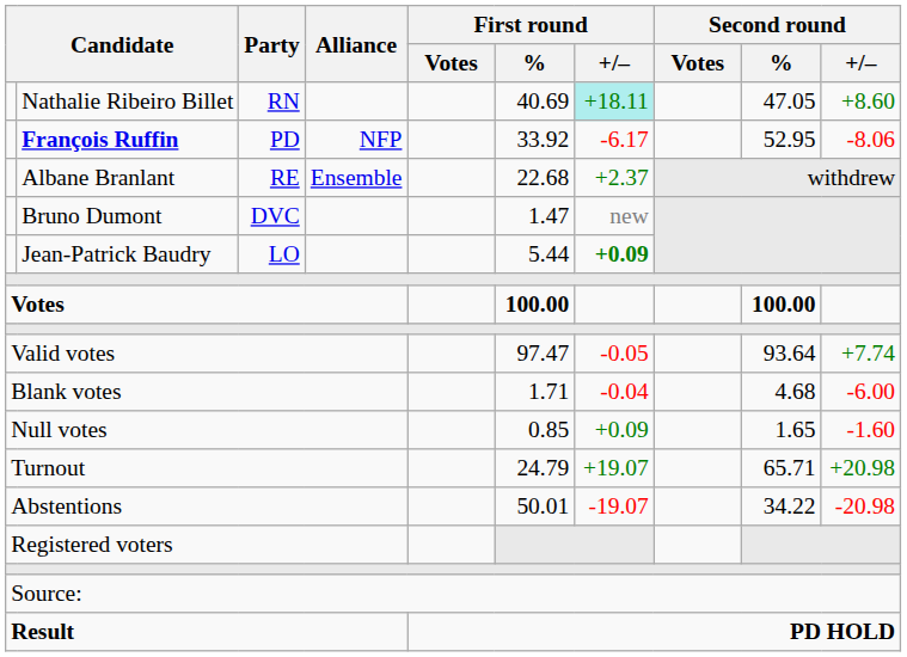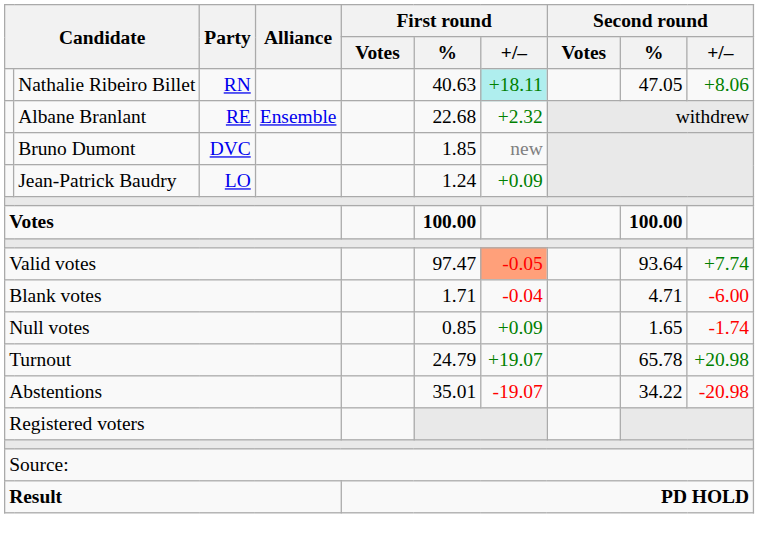 <table class="wikitable" style="text-align:right;font-size:95%;">
 <tr>
 <th rowspan="2" colspan="2">Candidate</th>
 <th colspan="1" rowspan="2">Party</th>
 <th colspan="1" rowspan="2">Alliance</th>
 <th colspan="3">First round</th>
 <th colspan="3">Second round</th>
 </tr>
 <tr>
 <th style="width:50px;">Votes</th>
 <th style="width:45px;">%</th>
 <th style="width:45px;">+/–</th>
 <th style="width:50px;">Votes</th>
 <th style="width:45px;">%</th>
 <th style="width:45px;">+/–</th>
 </tr>
 <tr>
 <td style="background:"></td>
 <td style="text-align:left;">Nathalie Ribeiro Billet</td>
 <td><a href='#'>RN</a></td>
 <td></td>
 <td></td>
-<td>40.69</td>
+<td>40.63</td>
 <td style="background: paleturquoise; color:green;">+18.11</td>
 <td></td>
 <td>47.05</td>
-<td style="color:green;">+8.60</td>
-</tr>
-<tr>
-<td style="background:"></td>
-<td style="text-align:left;"><strong><a href='#'>François Ruffin</a></strong></td>
-<td><a href='#'>PD</a></td>
-<td><a href='#'>NFP</a></td>
-<td></td>
-<td>33.92</td>
-<td style="color:red;">-6.17</td>
-<td></td>
-<td>52.95</td>
-<td style="color:red;">-8.06</td>
+<td style="color:green;">+8.06</td>
 </tr>
 <tr>
 <td style="background:"></td>
 <td style="text-align:left;">Albane Branlant</td>
 <td><a href='#'>RE</a></td>
 <td><a href='#'>Ensemble</a></td>
 <td></td>
 <td>22.68</td>
-<td style="color:green;">+2.37</td>
+<td style="color:green;">+2.32</td>
 <td colspan="3" style="background:#E9E9E9;">withdrew</td>
 </tr>
 <tr>
 <td style="background:"></td>
 <td style="text-align:left;">Bruno Dumont</td>
 <td><a href='#'>DVC</a></td>
 <td></td>
 <td></td>
-<td>1.47</td>
+<td>1.85</td>
 <td style="color:grey;">new</td>
 <td colspan="3" rowspan="2" style="background:#E9E9E9;"></td>
 </tr>
 <tr>
 <td style="background:"></td>
 <td style="text-align:left;">Jean-Patrick Baudry</td>
 <td><a href='#'>LO</a></td>
 <td></td>
 <td></td>
-<td>5.44</td>
-<td style="color:green;"><strong>+0.09</strong></td>
+<td>1.24</td>
+<td style="color:green;">+0.09</td>
 </tr>
 <tr>
 <td colspan="10" style="background:#E9E9E9;"></td>
 </tr>
 <tr style="font-weight:bold;">
 <td colspan="4" style="text-align:left;">Votes</td>
 <td></td>
 <td>100.00</td>
 <td></td>
 <td></td>
 <td>100.00</td>
 <td></td>
 </tr>
 <tr>
 <td colspan="10" style="background:#E9E9E9;"></td>
 </tr>
 <tr>
 <td colspan="4" style="text-align:left;">Valid votes</td>
 <td></td>
 <td>97.47</td>
-<td style="color:red;">-0.05</td>
+<td style="background: lightsalmon; color:red;">-0.05</td>
 <td></td>
 <td>93.64</td>
 <td style="color:green;">+7.74</td>
 </tr>
 <tr>
 <td colspan="4" style="text-align:left;">Blank votes</td>
 <td></td>
 <td>1.71</td>
 <td style="color:red;">-0.04</td>
 <td></td>
-<td>4.68</td>
+<td>4.71</td>
 <td style="color:red;">-6.00</td>
 </tr>
 <tr>
 <td colspan="4" style="text-align:left;">Null votes</td>
 <td></td>
 <td>0.85</td>
 <td style="color:green;">+0.09</td>
 <td></td>
 <td>1.65</td>
-<td style="color:red;">-1.60</td>
+<td style="color:red;">-1.74</td>
 </tr>
 <tr>
 <td colspan="4" style="text-align:left;">Turnout</td>
 <td></td>
 <td>24.79</td>
 <td style="color:green;">+19.07</td>
 <td></td>
-<td>65.71</td>
+<td>65.78</td>
 <td style="color:green;">+20.98</td>
 </tr>
 <tr>
 <td colspan="4" style="text-align:left;">Abstentions</td>
 <td></td>
-<td>50.01</td>
+<td>35.01</td>
 <td style="color:red;">-19.07</td>
 <td></td>
 <td>34.22</td>
 <td style="color:red;">-20.98</td>
 </tr>
 <tr>
 <td colspan="4" style="text-align:left;">Registered voters</td>
 <td></td>
 <td colspan="2" style="background:#E9E9E9;"></td>
 <td></td>
 <td colspan="2" style="background:#E9E9E9;"></td>
 </tr>
 <tr>
 <td colspan="10" style="background:#E9E9E9;"></td>
 </tr>
 <tr>
 <td colspan="10" style="text-align:left;">Source: </td>
 </tr>
 <tr style="font-weight:bold">
 <td colspan="4" style="text-align:left;">Result</td>
 <td colspan="6" style="background-color:">PD HOLD</td>
 </tr>
 </table>
